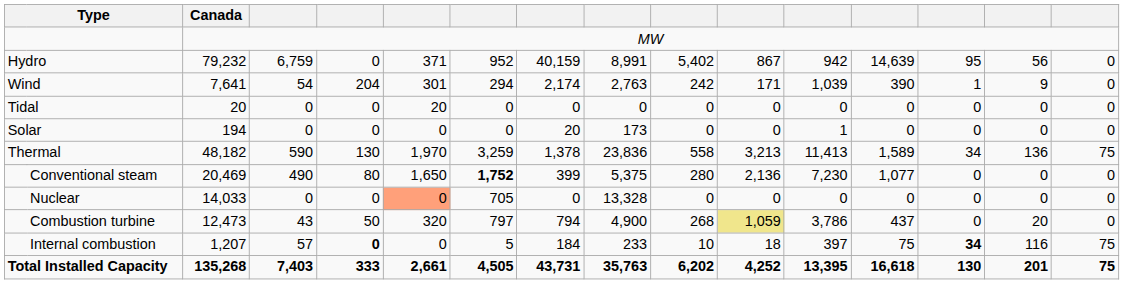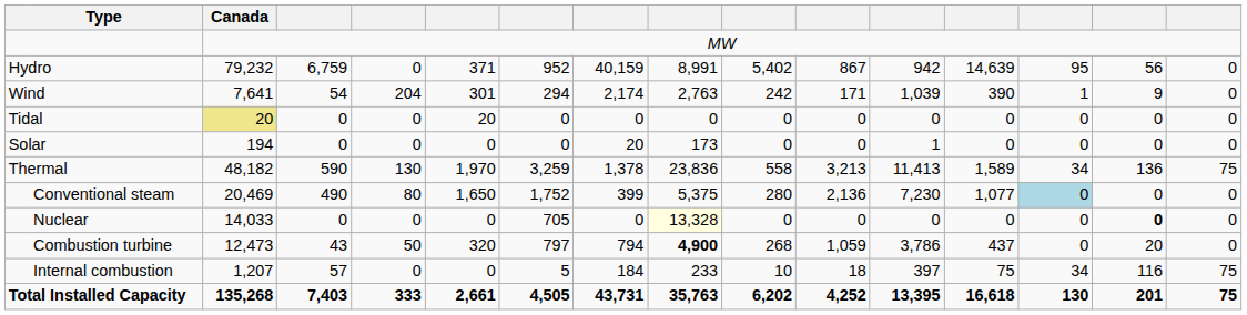 <table class="wikitable" style="text-align:right; width:98%;">
 <tr>
 <th width="16%" colspan=2>Type</th>
 <th width="6%">Canada</th>
 <th width="6%"></th>
 <th width="6%"></th>
 <th width="6%"></th>
 <th width="6%"></th>
 <th width="6%"></th>
 <th width="6%"></th>
 <th width="6%"></th>
 <th width="6%"></th>
 <th width="6%"></th>
 <th width="6%"></th>
 <th width="6%"></th>
 <th width="6%"></th>
 <th width="6%"></th>
 </tr>
 <tr>
 <td colspan=2> </td>
 <td colspan=14 align="center"><em>MW</em></td>
 </tr>
 <tr>
 <td style="text-align:left;" colspan=2>Hydro</td>
 <td>79,232</td>
 <td>6,759</td>
 <td>0</td>
 <td>371</td>
 <td>952</td>
 <td>40,159</td>
 <td>8,991</td>
 <td>5,402</td>
 <td>867</td>
 <td>942</td>
 <td>14,639</td>
 <td>95</td>
 <td>56</td>
 <td>0</td>
 </tr>
 <tr>
 <td style="text-align:left;" colspan=2>Wind</td>
 <td>7,641</td>
 <td>54</td>
 <td>204</td>
 <td>301</td>
 <td>294</td>
 <td>2,174</td>
 <td>2,763</td>
 <td>242</td>
 <td>171</td>
 <td>1,039</td>
 <td>390</td>
 <td>1</td>
 <td>9</td>
 <td>0</td>
 </tr>
 <tr>
 <td style="text-align:left;" colspan=2>Tidal</td>
-<td>20</td>
+<td style="background: khaki;">20</td>
 <td>0</td>
 <td>0</td>
 <td>20</td>
 <td>0</td>
 <td>0</td>
 <td>0</td>
 <td>0</td>
 <td>0</td>
 <td>0</td>
 <td>0</td>
 <td>0</td>
 <td>0</td>
 <td>0</td>
 </tr>
 <tr>
 <td style="text-align:left;" colspan=2>Solar</td>
 <td>194</td>
 <td>0</td>
 <td>0</td>
 <td>0</td>
 <td>0</td>
 <td>20</td>
 <td>173</td>
 <td>0</td>
 <td>0</td>
 <td>1</td>
 <td>0</td>
 <td>0</td>
 <td>0</td>
 <td>0</td>
 </tr>
 <tr>
 <td style="text-align:left;" colspan=2>Thermal</td>
 <td>48,182</td>
 <td>590</td>
 <td>130</td>
 <td>1,970</td>
 <td>3,259</td>
 <td>1,378</td>
 <td>23,836</td>
 <td>558</td>
 <td>3,213</td>
 <td>11,413</td>
 <td>1,589</td>
 <td>34</td>
 <td>136</td>
 <td>75</td>
 </tr>
 <tr>
 <td scope="col" style="width:2%; border-right-color:transparent;"> </td>
 <td style="text-align:left; width=14%">Conventional steam</td>
 <td>20,469</td>
 <td>490</td>
 <td>80</td>
 <td>1,650</td>
-<td><strong>1,752</strong></td>
+<td>1,752</td>
 <td>399</td>
 <td>5,375</td>
 <td>280</td>
 <td>2,136</td>
 <td>7,230</td>
 <td>1,077</td>
-<td>0</td>
+<td style="background: lightblue;">0</td>
 <td>0</td>
 <td>0</td>
 </tr>
 <tr>
 <td scope="col" style="width:2%; border-right-color:transparent;"> </td>
 <td style="text-align:left; width=14%">Nuclear</td>
 <td>14,033</td>
 <td>0</td>
 <td>0</td>
-<td style="background: lightsalmon;">0</td>
+<td>0</td>
 <td>705</td>
 <td>0</td>
-<td>13,328</td>
+<td style="background: lightyellow;">13,328</td>
 <td>0</td>
 <td>0</td>
 <td>0</td>
 <td>0</td>
 <td>0</td>
-<td>0</td>
+<td><strong>0</strong></td>
 <td>0</td>
 </tr>
 <tr>
 <td scope="col" style="width:2%; border-right-color:transparent;"> </td>
 <td style="text-align:left; width=14%">Combustion turbine</td>
 <td>12,473</td>
 <td>43</td>
 <td>50</td>
 <td>320</td>
 <td>797</td>
 <td>794</td>
-<td>4,900</td>
+<td><strong>4,900</strong></td>
 <td>268</td>
-<td style="background: khaki;">1,059</td>
+<td>1,059</td>
 <td>3,786</td>
 <td>437</td>
 <td>0</td>
 <td>20</td>
 <td>0</td>
 </tr>
 <tr>
 <td scope="col" style="width:2%; border-right-color:transparent;"> </td>
 <td style="text-align:left; width=14%">Internal combustion</td>
 <td>1,207</td>
 <td>57</td>
-<td><strong>0</strong></td>
+<td>0</td>
 <td>0</td>
 <td>5</td>
 <td>184</td>
 <td>233</td>
 <td>10</td>
 <td>18</td>
 <td>397</td>
 <td>75</td>
-<td><strong>34</strong></td>
+<td>34</td>
 <td>116</td>
 <td>75</td>
 </tr>
 <tr style="font-weight:bold;">
 <td style="text-align:left;" colspan=2>Total Installed Capacity</td>
 <td>135,268</td>
 <td>7,403</td>
 <td>333</td>
 <td>2,661</td>
 <td>4,505</td>
 <td>43,731</td>
 <td>35,763</td>
 <td>6,202</td>
 <td>4,252</td>
 <td>13,395</td>
 <td>16,618</td>
 <td>130</td>
 <td>201</td>
 <td>75</td>
 </tr>
 </table>
